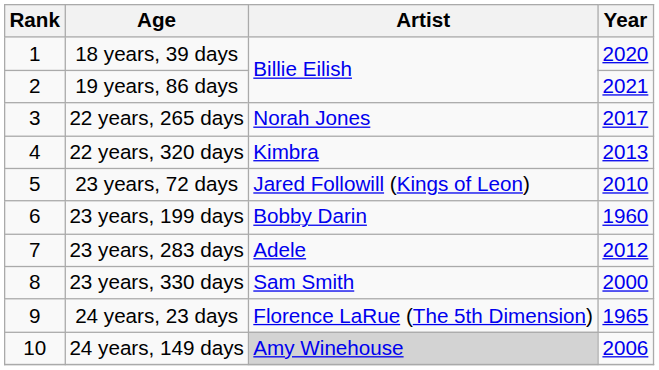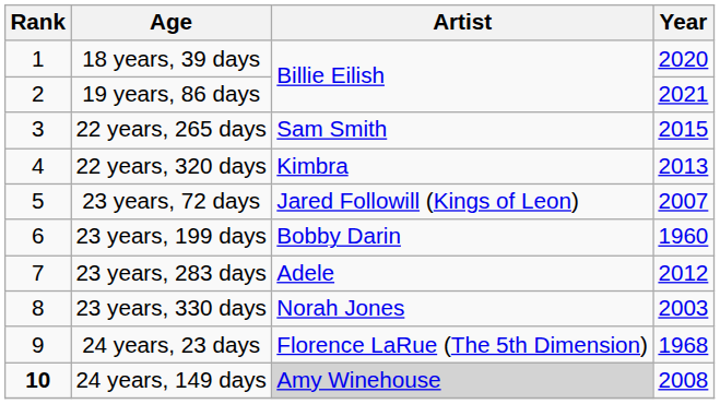 <table class="wikitable" style="text-align: center; cellpadding: 2;">
 <tr>
 <th>Rank</th>
 <th>Age</th>
 <th>Artist</th>
 <th>Year</th>
 </tr>
 <tr>
 <td>1</td>
 <td>18 years, 39 days</td>
 <td style="text-align: left;" rowspan=2><a href='#'>Billie Eilish</a></td>
 <td><a href='#'>2020</a></td>
 </tr>
 <tr>
 <td>2</td>
 <td>19 years, 86 days</td>
 <td><a href='#'>2021</a></td>
 </tr>
 <tr>
 <td>3</td>
 <td>22 years, 265 days</td>
-<td style="text-align: left;"><a href='#'>Norah Jones</a></td>
-<td><a href='#'>2017</a></td>
+<td style="text-align: left;"><a href='#'>Sam Smith</a></td>
+<td><a href='#'>2015</a></td>
 </tr>
 <tr>
 <td>4</td>
 <td>22 years, 320 days</td>
 <td style="text-align: left;"><a href='#'>Kimbra</a></td>
 <td><a href='#'>2013</a></td>
 </tr>
 <tr>
 <td>5</td>
 <td>23 years, 72 days</td>
 <td style="text-align: left;"><a href='#'>Jared Followill</a> (<a href='#'>Kings of Leon</a>)</td>
-<td><a href='#'>2010</a></td>
+<td><a href='#'>2007</a></td>
 </tr>
 <tr>
 <td>6</td>
 <td>23 years, 199 days</td>
 <td style="text-align: left;"><a href='#'>Bobby Darin</a></td>
 <td><a href='#'>1960</a></td>
 </tr>
 <tr>
 <td>7</td>
 <td>23 years, 283 days</td>
 <td style="text-align: left;"><a href='#'>Adele</a></td>
 <td><a href='#'>2012</a></td>
 </tr>
 <tr>
 <td>8</td>
 <td>23 years, 330 days</td>
-<td style="text-align: left;"><a href='#'>Sam Smith</a></td>
-<td><a href='#'>2000</a></td>
+<td style="text-align: left;"><a href='#'>Norah Jones</a></td>
+<td><a href='#'>2003</a></td>
 </tr>
 <tr>
 <td>9</td>
 <td>24 years, 23 days</td>
 <td style="text-align: left;"><a href='#'>Florence LaRue</a> (<a href='#'>The 5th Dimension</a>)</td>
-<td><a href='#'>1965</a></td>
+<td><a href='#'>1968</a></td>
 </tr>
 <tr>
-<td>10</td>
+<td><strong>10</strong></td>
 <td>24 years, 149 days</td>
 <td style="background: lightgrey; text-align: left;"><a href='#'>Amy Winehouse</a></td>
-<td><a href='#'>2006</a></td>
+<td><a href='#'>2008</a></td>
 </tr>
 <tr>
 </tr>
 </table>
